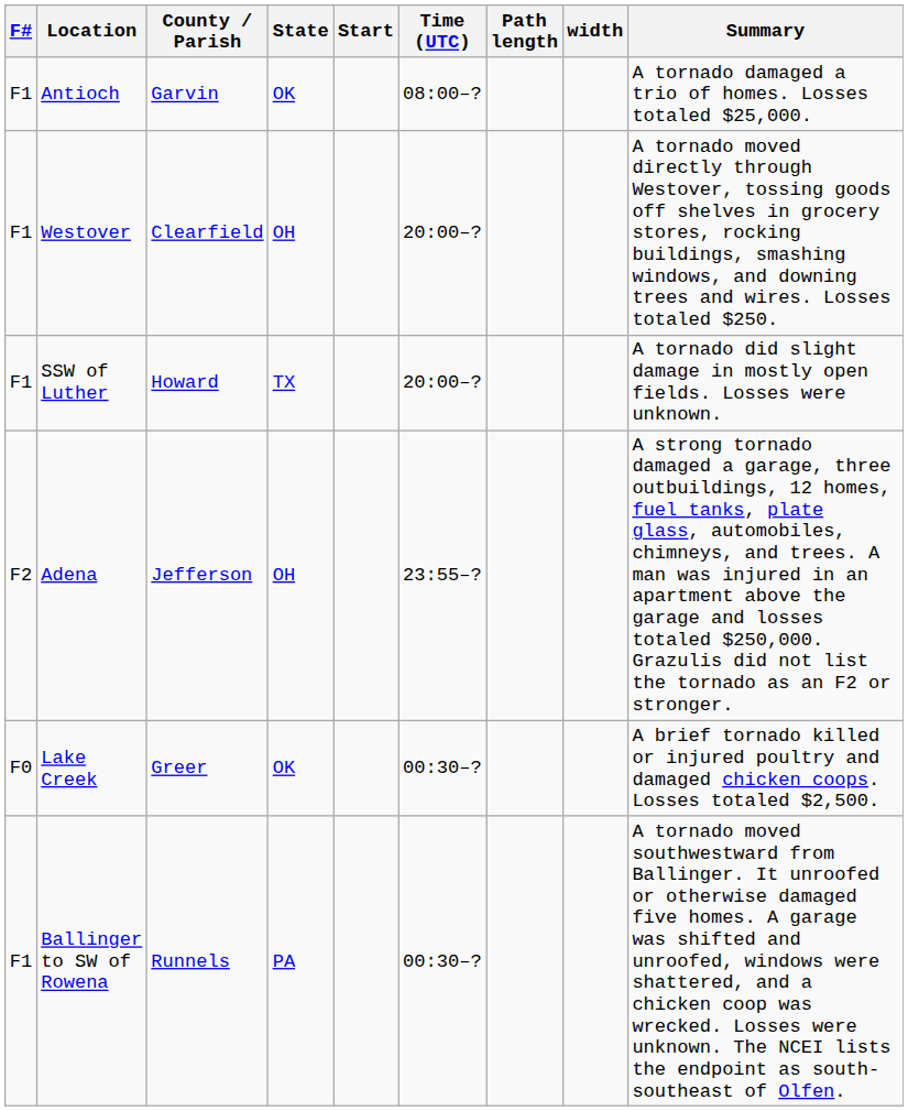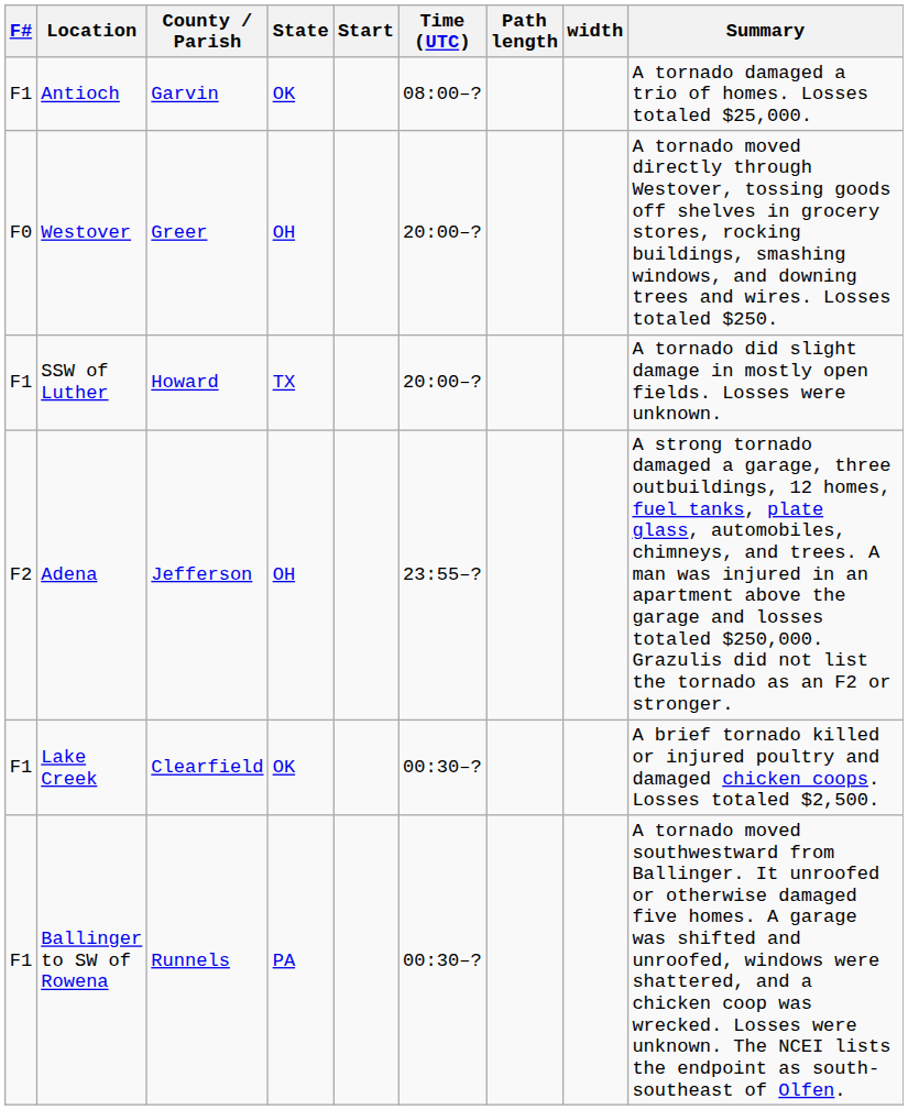 <table class="wikitable sortable" style="width:100%;">
 <tr>
 <th scope="col"  style="width:3%; text-align:center;"><a href='#'>F#</a></th>
 <th scope="col"  style="width:7%; text-align:center;" class="unsortable">Location</th>
 <th scope="col"  style="width:6%; text-align:center;" class="unsortable">County / Parish</th>
 <th scope="col"  style="width:5%; text-align:center;">State</th>
 <th scope="col"  style="width:6%; text-align:center;">Start<br></th>
 <th scope="col"  style="width:6%; text-align:center;">Time (<a href='#'>UTC</a>)</th>
 <th scope="col"  style="width:6%; text-align:center;">Path length</th>
 <th scope="col"  style="width:6%; text-align:center;"> width</th>
 <th scope="col" class="unsortable" style="width:48%; text-align:center;">Summary</th>
 </tr>
 <tr>
 <td>F1</td>
 <td><a href='#'>Antioch</a></td>
 <td><a href='#'>Garvin</a></td>
 <td><a href='#'>OK</a></td>
 <td></td>
 <td>08:00–?</td>
 <td></td>
 <td></td>
 <td>A tornado damaged a trio of homes. Losses totaled $25,000.</td>
 </tr>
 <tr>
-<td>F1</td>
+<td>F0</td>
 <td><a href='#'>Westover</a></td>
-<td><a href='#'>Clearfield</a></td>
+<td><a href='#'>Greer</a></td>
 <td><a href='#'>OH</a></td>
 <td></td>
 <td>20:00–?</td>
 <td></td>
 <td></td>
 <td>A tornado moved directly through Westover, tossing goods off shelves in grocery stores, rocking buildings, smashing windows, and downing trees and wires. Losses totaled $250.</td>
 </tr>
 <tr>
 <td>F1</td>
 <td>SSW of <a href='#'>Luther</a></td>
 <td><a href='#'>Howard</a></td>
 <td><a href='#'>TX</a></td>
 <td></td>
 <td>20:00–?</td>
 <td></td>
 <td></td>
 <td>A tornado did slight damage in mostly open fields. Losses were unknown.</td>
 </tr>
 <tr>
 <td>F2</td>
 <td><a href='#'>Adena</a></td>
 <td><a href='#'>Jefferson</a></td>
 <td><a href='#'>OH</a></td>
 <td></td>
 <td>23:55–?</td>
 <td></td>
 <td></td>
 <td>A strong tornado damaged a garage, three outbuildings, 12 homes, <a href='#'>fuel tanks</a>, <a href='#'>plate glass</a>, automobiles, chimneys, and trees. A man was injured in an apartment above the garage and losses totaled $250,000. Grazulis did not list the tornado as an F2 or stronger.</td>
 </tr>
 <tr>
-<td>F0</td>
+<td>F1</td>
 <td><a href='#'>Lake Creek</a></td>
-<td><a href='#'>Greer</a></td>
+<td><a href='#'>Clearfield</a></td>
 <td><a href='#'>OK</a></td>
 <td></td>
 <td>00:30–?</td>
 <td></td>
 <td></td>
 <td>A brief tornado killed or injured poultry and damaged <a href='#'>chicken coops</a>. Losses totaled $2,500.</td>
 </tr>
 <tr>
 <td>F1</td>
 <td><a href='#'>Ballinger</a> to SW of <a href='#'>Rowena</a></td>
 <td><a href='#'>Runnels</a></td>
 <td><a href='#'>PA</a></td>
 <td></td>
 <td>00:30–?</td>
 <td></td>
 <td></td>
 <td>A tornado moved southwestward from Ballinger. It unroofed or otherwise damaged five homes. A garage was shifted and unroofed, windows were shattered, and a chicken coop was wrecked. Losses were unknown. The NCEI lists the endpoint as south-southeast of <a href='#'>Olfen</a>.</td>
 </tr>
 </table>
